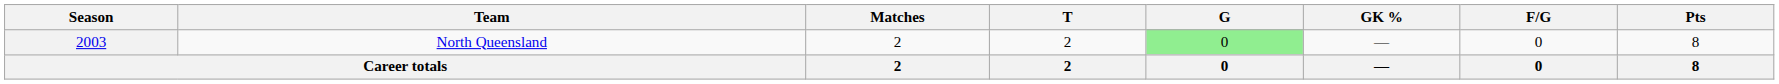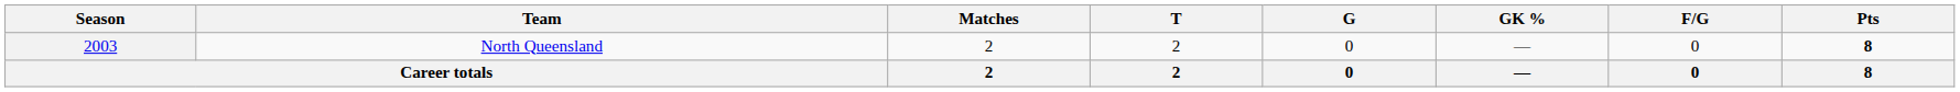 <table class="wikitable sortable"  style="font-size:90%; text-align:center; width:85%;">
 <tr>
 <th width=2%>Season</th>
 <th width=8%>Team</th>
 <th width=2%>Matches</th>
 <th width=2%>T</th>
 <th width=2%>G</th>
 <th width=2%>GK %</th>
 <th width=2%>F/G</th>
 <th width=2%>Pts</th>
 </tr>
 <tr>
 <th scope="row" style="text-align:center; font-weight:normal"><a href='#'>2003</a></th>
 <td style="text-align:center;"> <a href='#'>North Queensland</a></td>
 <td>2</td>
 <td>2</td>
-<td style="background: lightgreen;">0</td>
+<td>0</td>
 <td>—</td>
 <td>0</td>
-<td>8</td>
+<td><strong>8</strong></td>
 </tr>
 <tr class="sortbottom">
 <th colspan=2>Career totals</th>
 <th>2</th>
 <th>2</th>
 <th>0</th>
 <th>—</th>
 <th>0</th>
 <th>8</th>
 </tr>
 </table>
